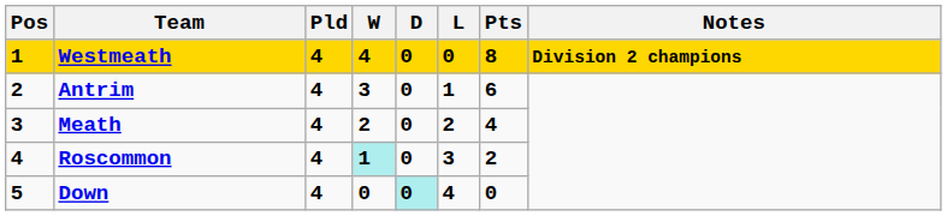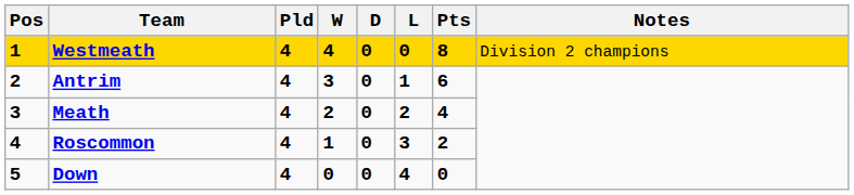 <table class="wikitable" style="text-align: centre;">
 <tr>
 <th width=20>Pos</th>
 <th width=150>Team</th>
 <th width=20>Pld</th>
 <th width=20>W</th>
 <th width=20>D</th>
 <th width=20>L</th>
 <th width=20>Pts</th>
 <th width=250>Notes</th>
 </tr>
 <tr style="background:gold;">
 <td><strong>1</strong></td>
 <td align=left><strong> <a href='#'>Westmeath</a> </strong></td>
 <td><strong>4</strong></td>
 <td><strong>4</strong></td>
 <td><strong>0</strong></td>
 <td><strong>0</strong></td>
 <td><strong>8</strong></td>
-<td><strong><small> Division 2 champions</small></strong></td>
+<td><small> Division 2 champions</small></td>
 </tr>
 <tr>
 <td><strong>2</strong></td>
 <td align=left><strong> <a href='#'>Antrim</a> </strong></td>
 <td><strong>4</strong></td>
 <td><strong>3</strong></td>
 <td><strong>0</strong></td>
 <td><strong>1</strong></td>
 <td><strong>6</strong></td>
 </tr>
 <tr>
 <td><strong>3</strong></td>
 <td align=left><strong> <a href='#'>Meath</a> </strong></td>
 <td><strong>4</strong></td>
 <td><strong>2</strong></td>
 <td><strong>0</strong></td>
 <td><strong>2</strong></td>
 <td><strong>4</strong></td>
 </tr>
 <tr>
 <td><strong>4</strong></td>
 <td align=left><strong> <a href='#'>Roscommon</a> </strong></td>
 <td><strong>4</strong></td>
-<td style="background: paleturquoise;"><strong>1</strong></td>
+<td><strong>1</strong></td>
 <td><strong>0</strong></td>
 <td><strong>3</strong></td>
 <td><strong>2</strong></td>
 </tr>
 <tr>
 <td><strong>5</strong></td>
 <td align=left><strong> <a href='#'>Down</a> </strong></td>
 <td><strong>4</strong></td>
 <td><strong>0</strong></td>
-<td style="background: paleturquoise;"><strong>0</strong></td>
+<td><strong>0</strong></td>
 <td><strong>4</strong></td>
 <td><strong>0</strong></td>
 </tr>
 </table>
